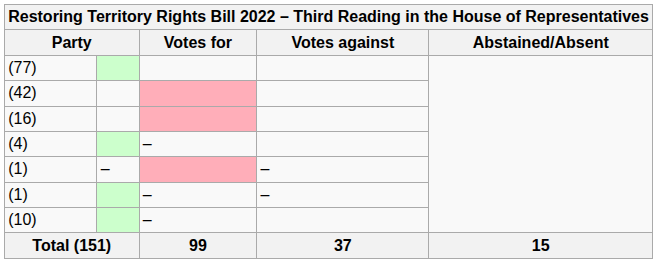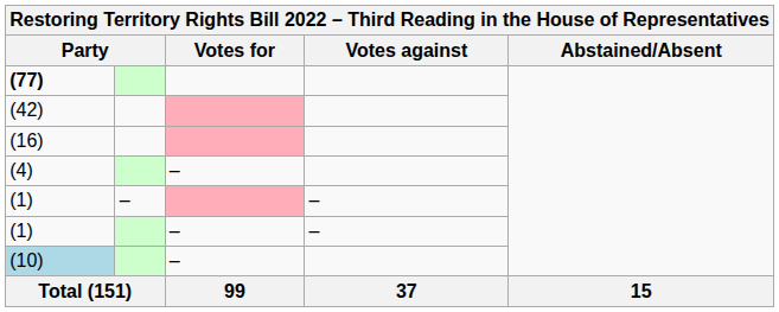 <table class="wikitable mw-collapsible mw-collapsed">
 <tr>
 <th colspan="5">Restoring Territory Rights Bill 2022 – Third Reading in the House of Representatives</th>
 </tr>
 <tr>
 <th colspan="2">Party</th>
 <th>Votes for</th>
 <th>Votes against</th>
 <th>Abstained/Absent</th>
 </tr>
 <tr>
-<td> (77)</td>
+<td><strong> (77)</strong></td>
 <td style="background-color:#CCFFCC;"></td>
 <td></td>
 <td></td>
 </tr>
 <tr>
 <td> (42)</td>
 <td></td>
 <td style="background-color:#FFAEB9;"></td>
 <td></td>
 </tr>
 <tr>
 <td> (16)</td>
 <td></td>
 <td style="background-color:#FFAEB9;"></td>
 <td></td>
 </tr>
 <tr>
 <td> (4)</td>
 <td style="background-color:#CCFFCC;"></td>
 <td>–</td>
 <td></td>
 </tr>
 <tr>
 <td> (1)</td>
 <td>–</td>
 <td style="background-color:#FFAEB9;"></td>
 <td>–</td>
 </tr>
 <tr>
 <td> (1)</td>
 <td style="background-color:#CCFFCC;"></td>
 <td>–</td>
 <td>–</td>
 </tr>
 <tr>
-<td> (10)</td>
+<td style="background: lightblue;"> (10)</td>
 <td style="background-color:#CCFFCC;"></td>
 <td>–</td>
 <td></td>
 </tr>
 <tr>
 <th colspan=2>Total (151)</th>
 <th>99</th>
 <th>37</th>
 <th>15</th>
 </tr>
 </table>
